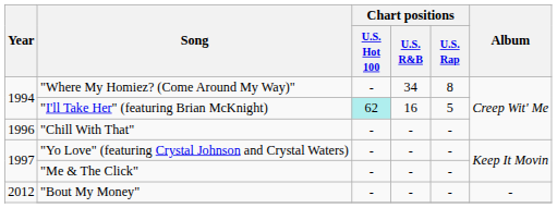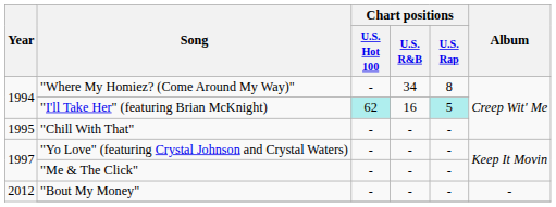 <table class="wikitable">
 <tr>
 <th rowspan="2">Year</th>
 <th rowspan="2">Song</th>
 <th colspan="3">Chart positions</th>
 <th rowspan="2">Album</th>
 </tr>
 <tr>
 <th width="40"><small><a href='#'>U.S. Hot 100</a></small></th>
 <th width="40"><small><a href='#'>U.S. R&B</a></small></th>
 <th width="40"><small><a href='#'>U.S. Rap</a></small></th>
 </tr>
 <tr>
 <td align="center" rowspan="2">1994</td>
 <td align="left">"Where My Homiez? (Come Around My Way)"</td>
 <td align="center">-</td>
 <td align="center">34</td>
 <td align="center">8</td>
 <td rowspan="3"><em>Creep Wit' Me</em></td>
 </tr>
 <tr>
 <td align="left">"<a href='#'>I'll Take Her</a>" (featuring Brian McKnight)</td>
 <td align="center" style="background: paleturquoise;">62</td>
 <td align="center">16</td>
-<td align="center">5</td>
+<td align="center" style="background: paleturquoise;">5</td>
 </tr>
 <tr>
-<td align="center">1996</td>
+<td align="center">1995</td>
 <td align="left">"Chill With That"</td>
 <td align="center">-</td>
 <td align="center">-</td>
 <td align="center">-</td>
 </tr>
 <tr>
 <td align="center" rowspan="2">1997</td>
 <td align="left">"Yo Love" (featuring <a href='#'>Crystal Johnson</a> and Crystal Waters)</td>
 <td align="center">-</td>
 <td align="center">-</td>
 <td align="center">-</td>
 <td rowspan="2"><em>Keep It Movin<strong></td>
 </tr>
 <tr>
 <td align="left">"Me & The Click"</td>
 <td align="center">-</td>
 <td align="center">-</td>
 <td align="center">-</td>
 </tr>
 <tr>
 <td align="center" rowspan="2">2012</td>
 <td align="left">"Bout My Money"</td>
 <td align="center">-</td>
 <td align="center">-</td>
 <td align="center">-</td>
 <td align="center">-</td>
 </tr>
 <tr>
 </tr>
 </table>
